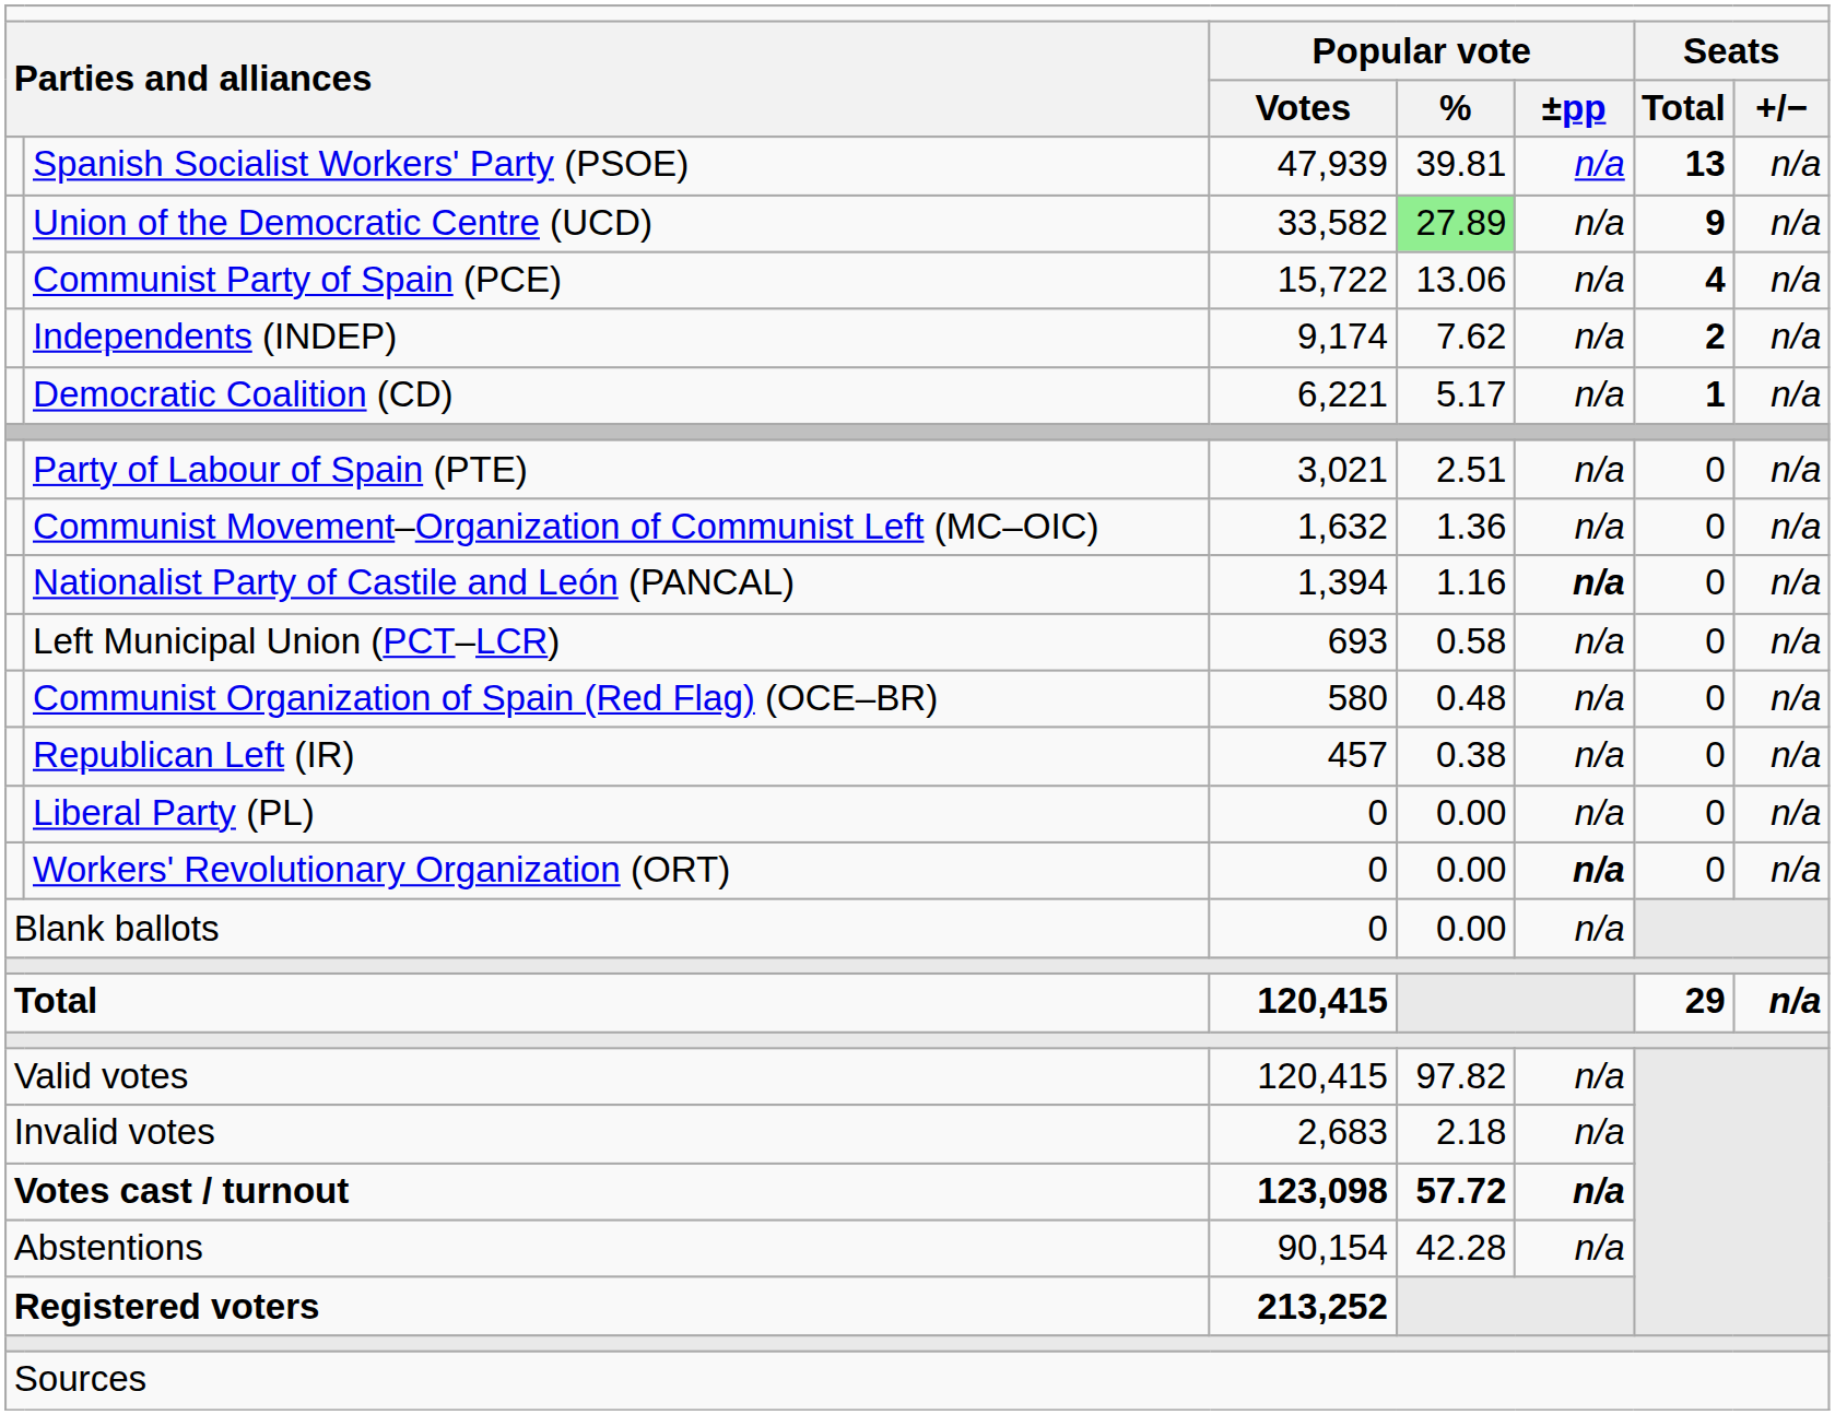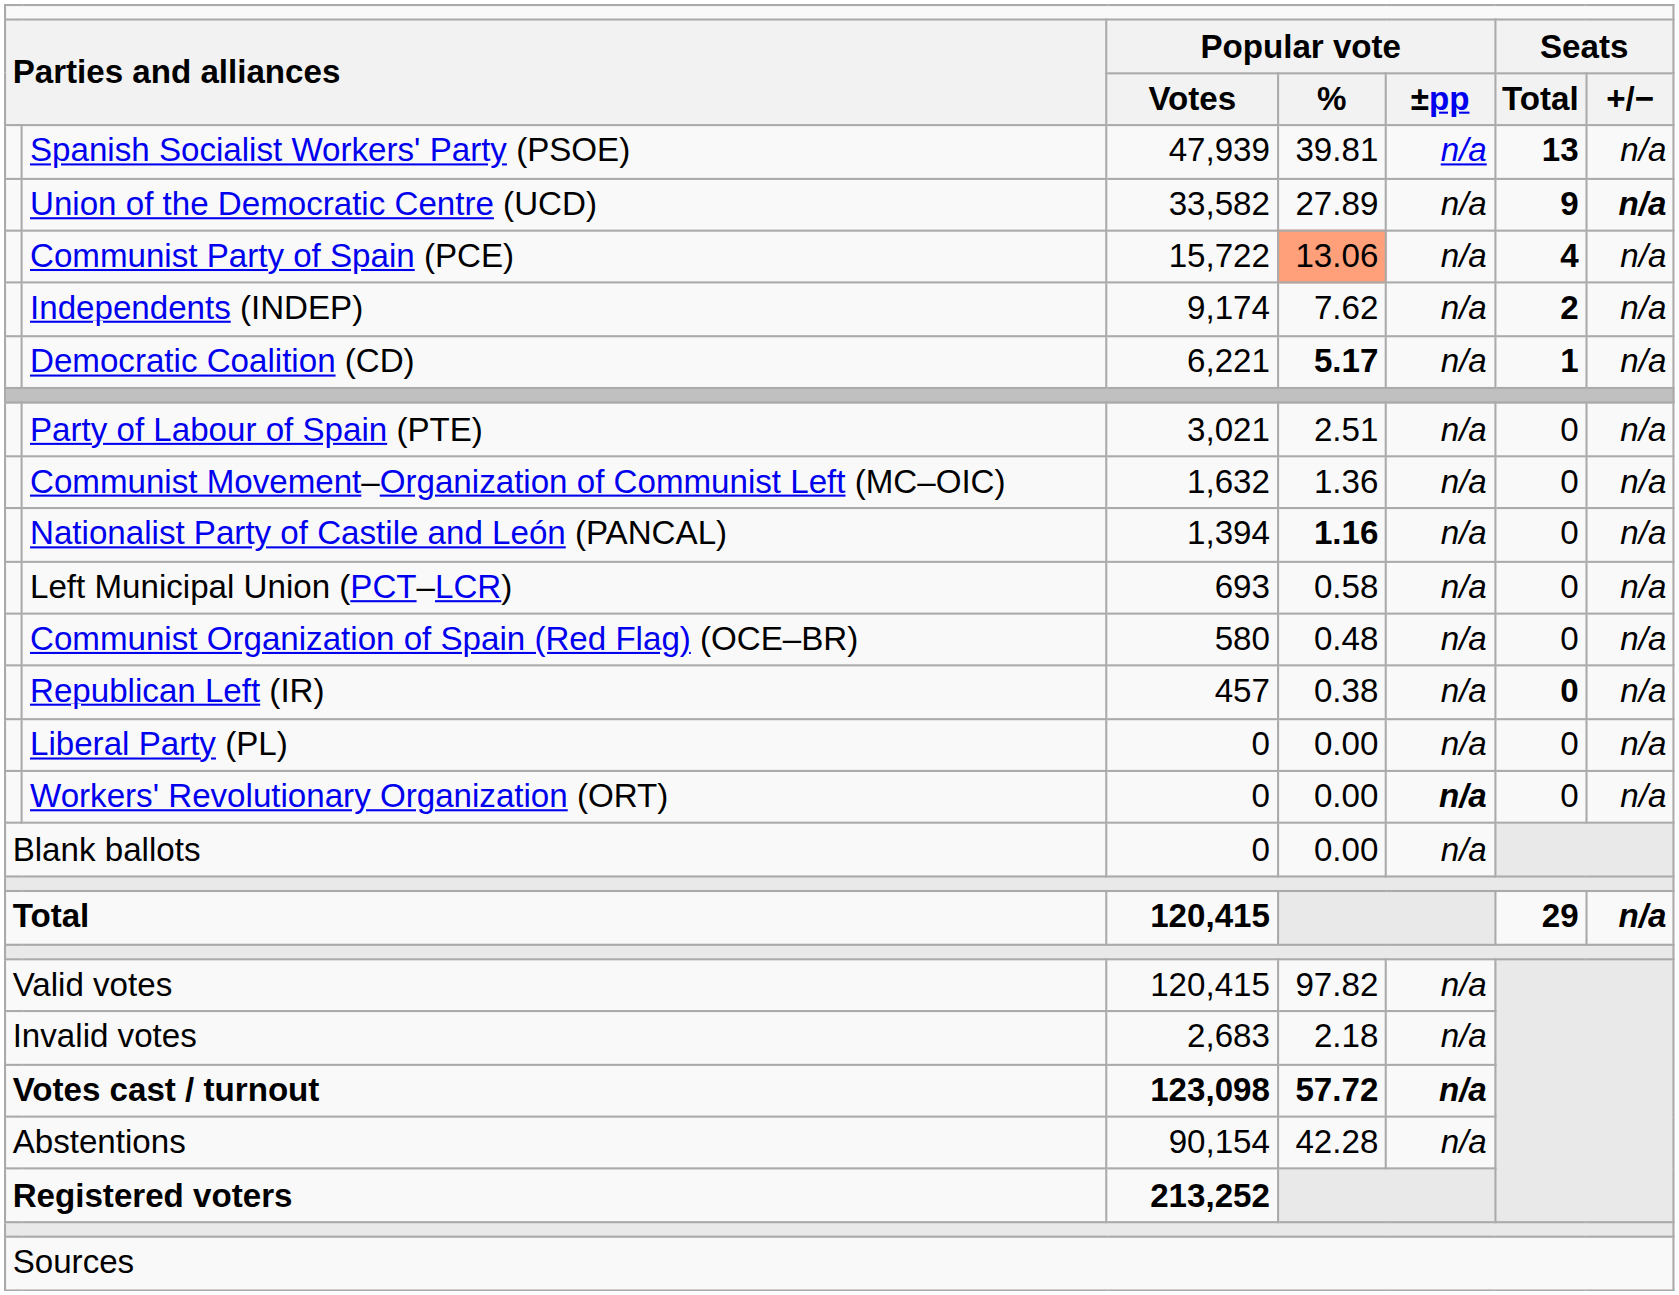 <table class="wikitable" style="text-align:right;">
 <tr>
 <td colspan="7"></td>
 </tr>
 <tr>
 <th style="text-align:left;" rowspan="2" colspan="2" width="525">Parties and alliances</th>
 <th colspan="3">Popular vote</th>
 <th colspan="2">Seats</th>
 </tr>
 <tr>
 <th width="75">Votes</th>
 <th width="45">%</th>
 <th width="45">±<a href='#'>pp</a></th>
 <th width="35">Total</th>
 <th width="35">+/−</th>
 </tr>
 <tr>
 <td width="1" style="color:inherit;background:"></td>
 <td align="left"><a href='#'>Spanish Socialist Workers' Party</a> (PSOE)</td>
 <td>47,939</td>
 <td>39.81</td>
 <td><em><a href='#'>n/a</a></em></td>
 <td><strong>13</strong></td>
 <td><em>n/a</em></td>
 </tr>
 <tr>
 <td style="color:inherit;background:"></td>
 <td align="left"><a href='#'>Union of the Democratic Centre</a> (UCD)</td>
 <td>33,582</td>
-<td style="background: lightgreen;">27.89</td>
+<td>27.89</td>
 <td><em>n/a</em></td>
 <td><strong>9</strong></td>
-<td><em>n/a</em></td>
+<td><strong><em>n/a</em></strong></td>
 </tr>
 <tr>
 <td style="color:inherit;background:"></td>
 <td align="left"><a href='#'>Communist Party of Spain</a> (PCE)</td>
 <td>15,722</td>
-<td>13.06</td>
+<td style="background: lightsalmon;">13.06</td>
 <td><em>n/a</em></td>
 <td><strong>4</strong></td>
 <td><em>n/a</em></td>
 </tr>
 <tr>
 <td style="color:inherit;background:"></td>
 <td align="left"><a href='#'>Independents</a> (INDEP)</td>
 <td>9,174</td>
 <td>7.62</td>
 <td><em>n/a</em></td>
 <td><strong>2</strong></td>
 <td><em>n/a</em></td>
 </tr>
 <tr>
 <td style="color:inherit;background:"></td>
 <td align="left"><a href='#'>Democratic Coalition</a> (CD)</td>
 <td>6,221</td>
-<td>5.17</td>
+<td><strong>5.17</strong></td>
 <td><em>n/a</em></td>
 <td><strong>1</strong></td>
 <td><em>n/a</em></td>
 </tr>
 <tr>
 <td colspan="7" bgcolor="#C0C0C0"></td>
 </tr>
 <tr>
 <td style="color:inherit;background:"></td>
 <td align="left"><a href='#'>Party of Labour of Spain</a> (PTE)</td>
 <td>3,021</td>
 <td>2.51</td>
 <td><em>n/a</em></td>
 <td>0</td>
 <td><em>n/a</em></td>
 </tr>
 <tr>
 <td style="color:inherit;background:"></td>
 <td align="left"><a href='#'>Communist Movement</a>–<a href='#'>Organization of Communist Left</a> (MC–OIC)</td>
 <td>1,632</td>
 <td>1.36</td>
 <td><em>n/a</em></td>
 <td>0</td>
 <td><em>n/a</em></td>
 </tr>
 <tr>
 <td style="color:inherit;background:"></td>
 <td align="left"><a href='#'>Nationalist Party of Castile and León</a> (PANCAL)</td>
 <td>1,394</td>
-<td>1.16</td>
-<td><strong><em>n/a</em></strong></td>
+<td><strong>1.16</strong></td>
+<td><em>n/a</em></td>
 <td>0</td>
 <td><em>n/a</em></td>
 </tr>
 <tr>
 <td style="color:inherit;background:"></td>
 <td align="left">Left Municipal Union (<a href='#'>PCT</a>–<a href='#'>LCR</a>)</td>
 <td>693</td>
 <td>0.58</td>
 <td><em>n/a</em></td>
 <td>0</td>
 <td><em>n/a</em></td>
 </tr>
 <tr>
 <td style="color:inherit;background:"></td>
 <td align="left"><a href='#'>Communist Organization of Spain (Red Flag)</a> (OCE–BR)</td>
 <td>580</td>
 <td>0.48</td>
 <td><em>n/a</em></td>
 <td>0</td>
 <td><em>n/a</em></td>
 </tr>
 <tr>
 <td style="color:inherit;background:"></td>
 <td align="left"><a href='#'>Republican Left</a> (IR)</td>
 <td>457</td>
 <td>0.38</td>
 <td><em>n/a</em></td>
-<td>0</td>
+<td><strong>0</strong></td>
 <td><em>n/a</em></td>
 </tr>
 <tr>
 <td style="color:inherit;background:"></td>
 <td align="left"><a href='#'>Liberal Party</a> (PL)</td>
 <td>0</td>
 <td>0.00</td>
 <td><em>n/a</em></td>
 <td>0</td>
 <td><em>n/a</em></td>
 </tr>
 <tr>
 <td style="color:inherit;background:"></td>
 <td align="left"><a href='#'>Workers' Revolutionary Organization</a> (ORT)</td>
 <td>0</td>
 <td>0.00</td>
 <td><strong><em>n/a</em></strong></td>
 <td>0</td>
 <td><em>n/a</em></td>
 </tr>
 <tr>
 <td align="left" colspan="2">Blank ballots</td>
 <td>0</td>
 <td>0.00</td>
 <td><em>n/a</em></td>
 <td bgcolor="#E9E9E9" colspan="2"></td>
 </tr>
 <tr>
 <td colspan="7" bgcolor="#E9E9E9"></td>
 </tr>
 <tr style="font-weight:bold;">
 <td align="left" colspan="2">Total</td>
 <td>120,415</td>
 <td bgcolor="#E9E9E9" colspan="2"></td>
 <td>29</td>
 <td><em>n/a</em></td>
 </tr>
 <tr>
 <td colspan="7" bgcolor="#E9E9E9"></td>
 </tr>
 <tr>
 <td align="left" colspan="2">Valid votes</td>
 <td>120,415</td>
 <td>97.82</td>
 <td><em>n/a</em></td>
 <td bgcolor="#E9E9E9" colspan="2" rowspan="5"></td>
 </tr>
 <tr>
 <td align="left" colspan="2">Invalid votes</td>
 <td>2,683</td>
 <td>2.18</td>
 <td><em>n/a</em></td>
 </tr>
 <tr style="font-weight:bold;">
 <td align="left" colspan="2">Votes cast / turnout</td>
 <td>123,098</td>
 <td>57.72</td>
 <td><em>n/a</em></td>
 </tr>
 <tr>
 <td align="left" colspan="2">Abstentions</td>
 <td>90,154</td>
 <td>42.28</td>
 <td><em>n/a</em></td>
 </tr>
 <tr style="font-weight:bold;">
 <td align="left" colspan="2">Registered voters</td>
 <td>213,252</td>
 <td bgcolor="#E9E9E9" colspan="2"></td>
 </tr>
 <tr>
 <td colspan="7" bgcolor="#E9E9E9"></td>
 </tr>
 <tr>
 <td align="left" colspan="7">Sources</td>
 </tr>
 </table>
